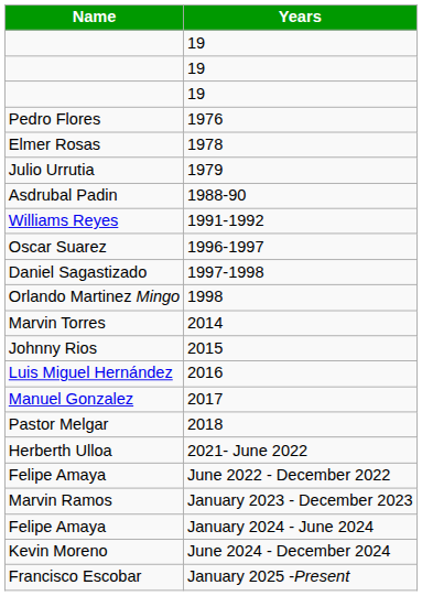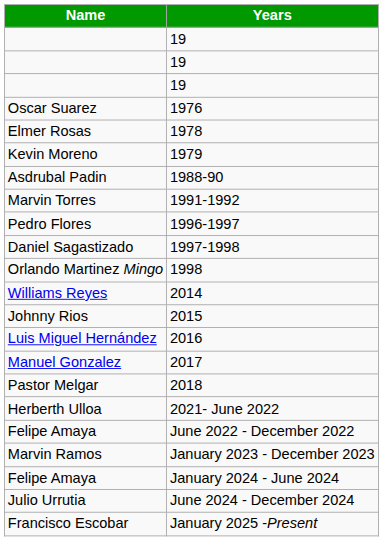 <table class="wikitable">
 <tr>
 <th style="color:#fff; background:#009900;">Name</th>
 <th style="color:#fff; background:#009900;">Years</th>
 </tr>
 <tr>
 <td></td>
 <td>19</td>
 </tr>
 <tr>
 <td></td>
 <td>19</td>
 </tr>
 <tr>
 <td></td>
 <td>19</td>
 </tr>
 <tr>
-<td> Pedro Flores</td>
+<td> Oscar Suarez</td>
 <td>1976</td>
 </tr>
 <tr>
 <td> Elmer Rosas</td>
 <td>1978</td>
 </tr>
 <tr>
-<td> Julio Urrutia</td>
+<td> Kevin Moreno</td>
 <td>1979</td>
 </tr>
 <tr>
 <td> Asdrubal Padin</td>
 <td>1988-90</td>
 </tr>
 <tr>
-<td> <a href='#'>Williams Reyes</a></td>
+<td> Marvin Torres</td>
 <td>1991-1992</td>
 </tr>
 <tr>
-<td> Oscar Suarez</td>
+<td> Pedro Flores</td>
 <td>1996-1997</td>
 </tr>
 <tr>
 <td> Daniel Sagastizado</td>
 <td>1997-1998</td>
 </tr>
 <tr>
 <td> Orlando Martinez <em>Mingo</em></td>
 <td>1998</td>
 </tr>
 <tr>
-<td> Marvin Torres</td>
+<td> <a href='#'>Williams Reyes</a></td>
 <td>2014</td>
 </tr>
 <tr>
 <td> Johnny Rios</td>
 <td>2015</td>
 </tr>
 <tr>
 <td> <a href='#'>Luis Miguel Hernández</a></td>
 <td>2016</td>
 </tr>
 <tr>
 <td> <a href='#'>Manuel Gonzalez</a></td>
 <td>2017</td>
 </tr>
 <tr>
 <td> Pastor Melgar</td>
 <td>2018</td>
 </tr>
 <tr>
 <td> Herberth Ulloa</td>
 <td>2021- June 2022</td>
 </tr>
 <tr>
 <td> Felipe Amaya</td>
 <td>June 2022 - December 2022</td>
 </tr>
 <tr>
 <td> Marvin Ramos</td>
 <td>January 2023 - December 2023</td>
 </tr>
 <tr>
 <td> Felipe Amaya</td>
 <td>January 2024 - June 2024</td>
 </tr>
 <tr>
-<td> Kevin Moreno</td>
+<td> Julio Urrutia</td>
 <td>June 2024 - December 2024</td>
 </tr>
 <tr>
 <td> Francisco Escobar</td>
 <td>January 2025 -<em>Present</em></td>
 </tr>
 </table>
